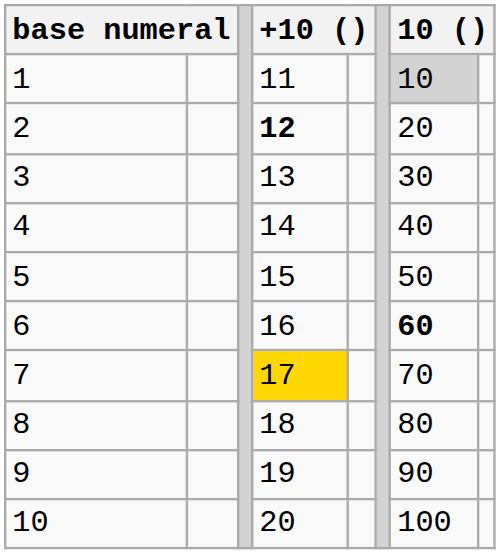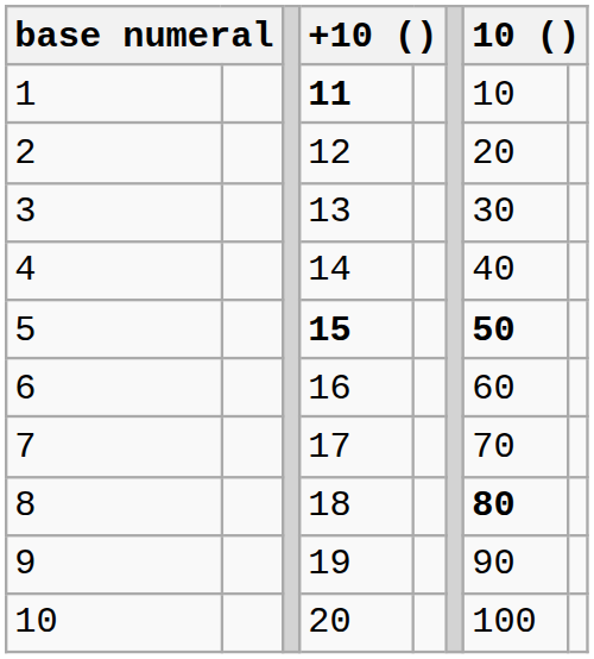 <table class="wikitable">
 <tr>
 <th colspan="2">base numeral</th>
 <td rowspan="11" style="background-color: lightgrey;"></td>
 <th colspan="2">+10 ()</th>
 <td rowspan="11" style="background-color: lightgrey;"></td>
 <th colspan="2">10 ()</th>
 </tr>
 <tr>
 <td>1</td>
 <td></td>
-<td>11</td>
+<td><strong>11</strong></td>
 <td></td>
-<td style="background: lightgrey;">10</td>
+<td>10</td>
 <td></td>
 </tr>
 <tr>
 <td>2</td>
 <td></td>
-<td><strong>12</strong></td>
+<td>12</td>
 <td></td>
 <td>20</td>
 <td></td>
 </tr>
 <tr>
 <td>3</td>
 <td></td>
 <td>13</td>
 <td></td>
 <td>30</td>
 <td></td>
 </tr>
 <tr>
 <td>4</td>
 <td></td>
 <td>14</td>
 <td></td>
 <td>40</td>
 <td></td>
 </tr>
 <tr>
 <td>5</td>
 <td></td>
-<td>15</td>
+<td><strong>15</strong></td>
 <td></td>
-<td>50</td>
+<td><strong>50</strong></td>
 <td></td>
 </tr>
 <tr>
 <td>6</td>
 <td></td>
 <td>16</td>
 <td></td>
-<td><strong>60</strong></td>
+<td>60</td>
 <td></td>
 </tr>
 <tr>
 <td>7</td>
 <td></td>
-<td style="background: gold;">17</td>
+<td>17</td>
 <td></td>
 <td>70</td>
 <td></td>
 </tr>
 <tr>
 <td>8</td>
 <td></td>
 <td>18</td>
 <td></td>
-<td>80</td>
+<td><strong>80</strong></td>
 <td></td>
 </tr>
 <tr>
 <td>9</td>
 <td></td>
 <td>19</td>
 <td></td>
 <td>90</td>
 <td></td>
 </tr>
 <tr>
 <td>10</td>
 <td></td>
 <td>20</td>
 <td></td>
 <td>100</td>
 <td></td>
 </tr>
 </table>
